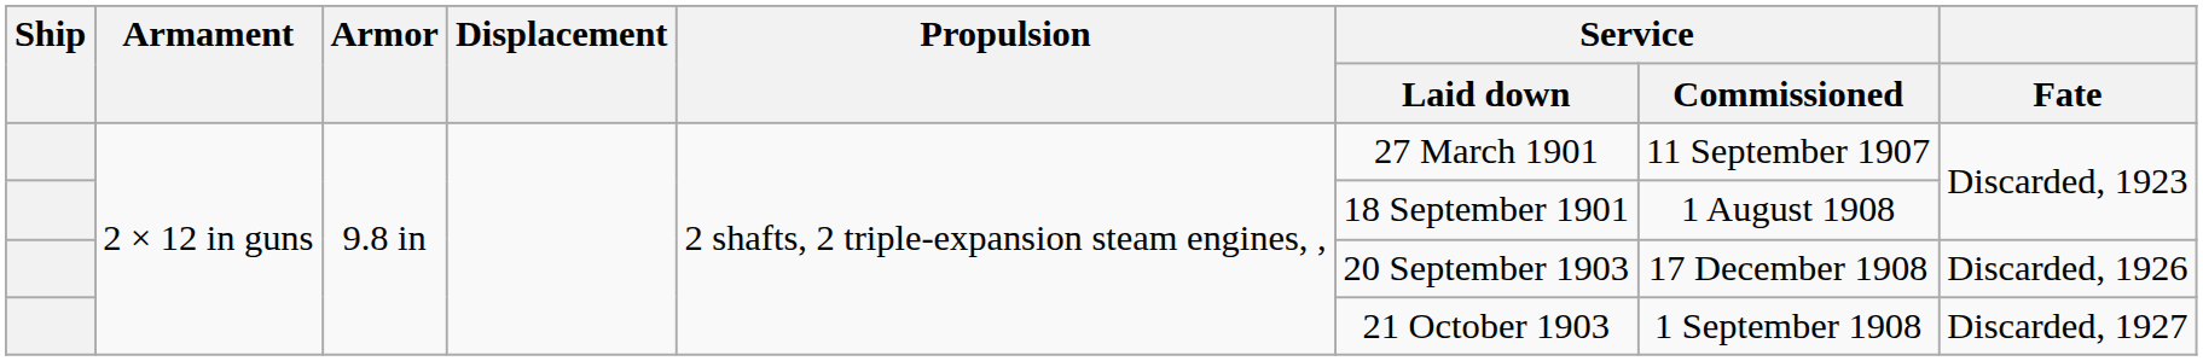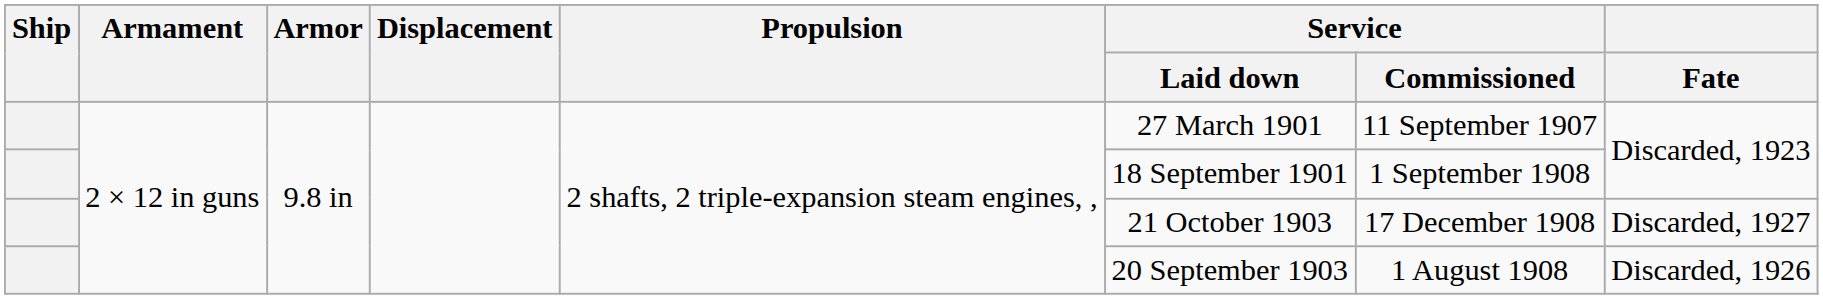 <table class="wikitable plainrowheaders" style="text-align: center;">
 <tr valign="top">
 <th scope="col" rowspan="2">Ship</th>
 <th scope="col" rowspan="2">Armament</th>
 <th scope="col" rowspan="2">Armor</th>
 <th scope="col" rowspan="2">Displacement</th>
 <th scope="col" rowspan="2">Propulsion</th>
 <th scope="col" colspan="2">Service</th>
 <th></th>
 </tr>
 <tr valign="top">
 <th scope="col">Laid down</th>
 <th scope="col">Commissioned</th>
 <th scope="col">Fate</th>
 </tr>
 <tr valign="center">
 <th scope="row"></th>
 <td rowspan="4">2 × 12 in guns</td>
 <td rowspan="4">9.8 in</td>
 <td rowspan="4"></td>
 <td rowspan="4">2 shafts, 2 triple-expansion steam engines, , </td>
 <td>27 March 1901</td>
 <td>11 September 1907</td>
 <td rowspan="2">Discarded, 1923</td>
 </tr>
 <tr valign="center">
 <th scope="row"></th>
 <td>18 September 1901</td>
-<td>1 August 1908</td>
+<td>1 September 1908</td>
+</tr>
+<tr valign="center">
+<th scope="row"></th>
+<td>21 October 1903</td>
+<td>17 December 1908</td>
+<td>Discarded, 1927</td>
 </tr>
 <tr valign="center">
 <th scope="row"></th>
 <td>20 September 1903</td>
-<td>17 December 1908</td>
+<td>1 August 1908</td>
 <td>Discarded, 1926</td>
 </tr>
-<tr valign="center">
-<th scope="row"></th>
-<td>21 October 1903</td>
-<td>1 September 1908</td>
-<td>Discarded, 1927</td>
-</tr>
 </table>
